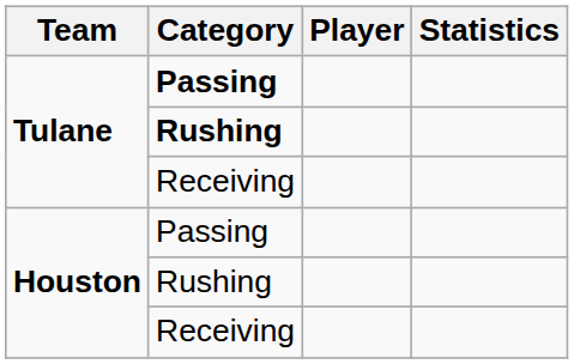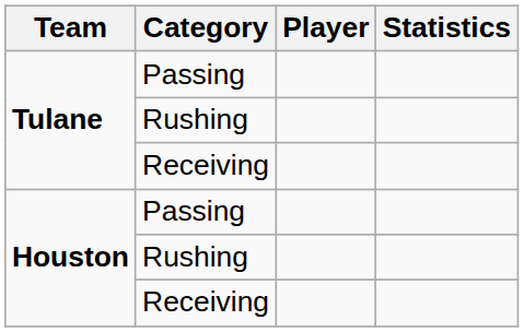 <table class="wikitable" style="float: left;">
 <tr>
 <th>Team</th>
 <th>Category</th>
 <th>Player</th>
 <th>Statistics</th>
 </tr>
 <tr>
 <td rowspan=3><strong>Tulane</strong></td>
-<td><strong>Passing</strong></td>
+<td>Passing</td>
 <td></td>
 <td></td>
 </tr>
 <tr>
-<td><strong>Rushing</strong></td>
+<td>Rushing</td>
 <td></td>
 <td></td>
 </tr>
 <tr>
 <td>Receiving</td>
 <td></td>
 <td></td>
 </tr>
 <tr>
 <td rowspan=3><strong>Houston</strong></td>
 <td>Passing</td>
 <td></td>
 <td></td>
 </tr>
 <tr>
 <td>Rushing</td>
 <td></td>
 <td></td>
 </tr>
 <tr>
 <td>Receiving</td>
 <td></td>
 <td></td>
 </tr>
 </table>
